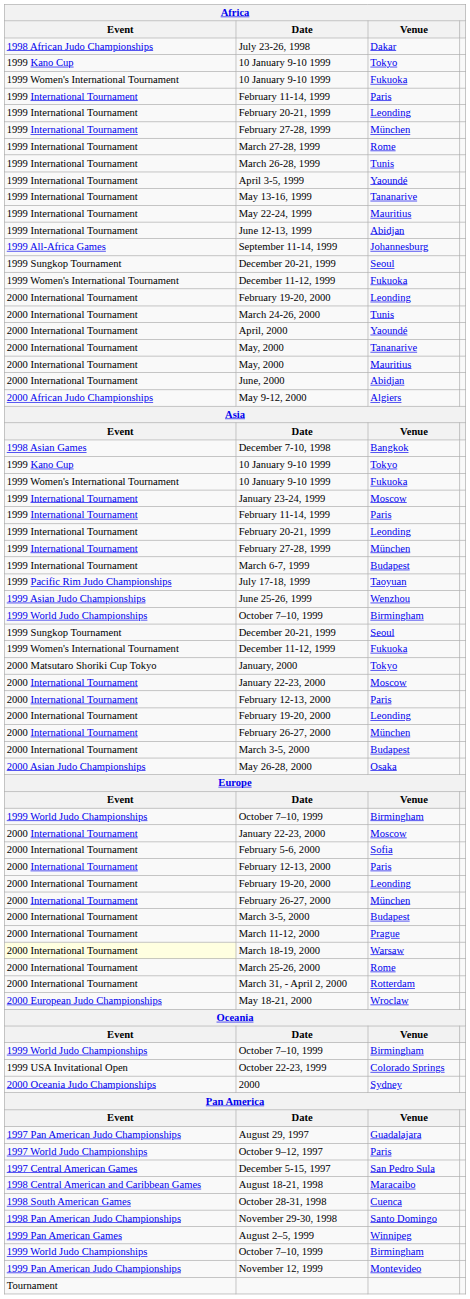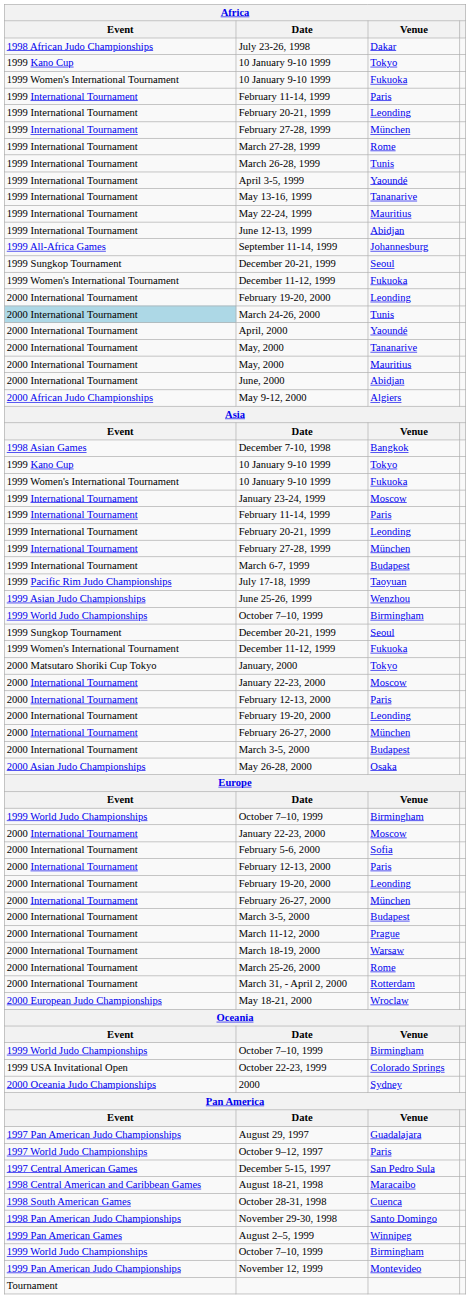 <table class="wikitable sortable" width="700">
 <tr>
 <th colspan="4"><a href='#'>Africa</a></th>
 </tr>
 <tr>
 <th>Event</th>
 <th>Date</th>
 <th>Venue</th>
 <th></th>
 </tr>
 <tr>
 <td><a href='#'>1998 African Judo Championships</a></td>
 <td>July 23-26, 1998</td>
 <td> <a href='#'>Dakar</a></td>
 <td></td>
 </tr>
 <tr>
 <td>1999 <a href='#'>Kano Cup</a></td>
 <td>10 January 9-10 1999</td>
 <td> <a href='#'>Tokyo</a></td>
 <td></td>
 </tr>
 <tr>
 <td>1999 Women's International Tournament</td>
 <td>10 January 9-10 1999</td>
 <td> <a href='#'>Fukuoka</a></td>
 <td></td>
 </tr>
 <tr>
 <td>1999 <a href='#'>International Tournament</a></td>
 <td>February 11-14, 1999</td>
 <td> <a href='#'>Paris</a></td>
 <td></td>
 </tr>
 <tr>
 <td>1999 International Tournament</td>
 <td>February 20-21, 1999</td>
 <td> <a href='#'>Leonding</a></td>
 <td></td>
 </tr>
 <tr>
 <td>1999 <a href='#'>International Tournament</a></td>
 <td>February 27-28, 1999</td>
 <td> <a href='#'>München</a></td>
 <td></td>
 </tr>
 <tr>
 <td>1999 International Tournament</td>
 <td>March  27-28, 1999</td>
 <td> <a href='#'>Rome</a></td>
 <td></td>
 </tr>
 <tr>
 <td>1999 International Tournament</td>
 <td>March  26-28, 1999</td>
 <td> <a href='#'>Tunis</a></td>
 <td></td>
 </tr>
 <tr>
 <td>1999 International Tournament</td>
 <td>April 3-5, 1999</td>
 <td> <a href='#'>Yaoundé</a></td>
 <td></td>
 </tr>
 <tr>
 <td>1999 International Tournament</td>
 <td>May 13-16, 1999</td>
 <td> <a href='#'>Tananarive</a></td>
 <td></td>
 </tr>
 <tr>
 <td>1999 International Tournament</td>
 <td>May  22-24, 1999</td>
 <td> <a href='#'>Mauritius</a></td>
 <td></td>
 </tr>
 <tr>
 <td>1999 International Tournament</td>
 <td>June 12-13, 1999</td>
 <td> <a href='#'>Abidjan</a></td>
 <td></td>
 </tr>
 <tr>
 <td><a href='#'>1999 All-Africa Games</a></td>
 <td>September 11-14, 1999</td>
 <td> <a href='#'>Johannesburg</a></td>
 <td></td>
 </tr>
 <tr>
 <td>1999 Sungkop Tournament</td>
 <td>December 20-21, 1999</td>
 <td> <a href='#'>Seoul</a></td>
 <td></td>
 </tr>
 <tr>
 <td>1999 Women's International Tournament</td>
 <td>December 11-12, 1999</td>
 <td> <a href='#'>Fukuoka</a></td>
 <td></td>
 </tr>
 <tr>
 <td>2000 International Tournament</td>
 <td>February 19-20, 2000</td>
 <td> <a href='#'>Leonding</a></td>
 <td></td>
 </tr>
 <tr>
-<td>2000 International Tournament</td>
+<td style="background: lightblue;">2000 International Tournament</td>
 <td>March 24-26, 2000</td>
 <td> <a href='#'>Tunis</a></td>
 <td></td>
 </tr>
 <tr>
 <td>2000 International Tournament</td>
 <td>April, 2000</td>
 <td> <a href='#'>Yaoundé</a></td>
 <td></td>
 </tr>
 <tr>
 <td>2000 International Tournament</td>
 <td>May, 2000</td>
 <td> <a href='#'>Tananarive</a></td>
 <td></td>
 </tr>
 <tr>
 <td>2000 International Tournament</td>
 <td>May, 2000</td>
 <td> <a href='#'>Mauritius</a></td>
 <td></td>
 </tr>
 <tr>
 <td>2000 International Tournament</td>
 <td>June, 2000</td>
 <td> <a href='#'>Abidjan</a></td>
 <td></td>
 </tr>
 <tr>
 <td><a href='#'>2000 African Judo Championships</a></td>
 <td>May 9-12, 2000</td>
 <td> <a href='#'>Algiers</a></td>
 <td></td>
 </tr>
 <tr>
 <th colspan="4"><a href='#'>Asia</a></th>
 </tr>
 <tr>
 <th>Event</th>
 <th>Date</th>
 <th>Venue</th>
 <th></th>
 </tr>
 <tr>
 <td><a href='#'>1998 Asian Games</a></td>
 <td>December 7-10, 1998</td>
 <td> <a href='#'>Bangkok</a></td>
 <td></td>
 </tr>
 <tr>
 <td>1999 <a href='#'>Kano Cup</a></td>
 <td>10 January 9-10 1999</td>
 <td> <a href='#'>Tokyo</a></td>
 <td></td>
 </tr>
 <tr>
 <td>1999 Women's International Tournament</td>
 <td>10 January 9-10 1999</td>
 <td> <a href='#'>Fukuoka</a></td>
 <td></td>
 </tr>
 <tr>
 <td>1999 <a href='#'>International Tournament</a></td>
 <td>January 23-24, 1999</td>
 <td> <a href='#'>Moscow</a></td>
 <td></td>
 </tr>
 <tr>
 <td>1999 <a href='#'>International Tournament</a></td>
 <td>February 11-14, 1999</td>
 <td> <a href='#'>Paris</a></td>
 <td></td>
 </tr>
 <tr>
 <td>1999 International Tournament</td>
 <td>February 20-21, 1999</td>
 <td> <a href='#'>Leonding</a></td>
 <td></td>
 </tr>
 <tr>
 <td>1999 <a href='#'>International Tournament</a></td>
 <td>February 27-28, 1999</td>
 <td> <a href='#'>München</a></td>
 <td></td>
 </tr>
 <tr>
 <td>1999 International Tournament</td>
 <td>March 6-7, 1999</td>
 <td> <a href='#'>Budapest</a></td>
 <td></td>
 </tr>
 <tr>
 <td>1999 <a href='#'>Pacific Rim Judo Championships</a></td>
 <td>July 17-18, 1999</td>
 <td> <a href='#'>Taoyuan</a></td>
 <td></td>
 </tr>
 <tr>
 <td><a href='#'>1999 Asian Judo Championships</a></td>
 <td>June 25-26, 1999</td>
 <td> <a href='#'>Wenzhou</a></td>
 <td></td>
 </tr>
 <tr>
 <td><a href='#'>1999 World Judo Championships</a></td>
 <td>October 7–10, 1999</td>
 <td> <a href='#'>Birmingham</a></td>
 <td></td>
 </tr>
 <tr>
 <td>1999 Sungkop Tournament</td>
 <td>December 20-21, 1999</td>
 <td> <a href='#'>Seoul</a></td>
 <td></td>
 </tr>
 <tr>
 <td>1999 Women's International Tournament</td>
 <td>December 11-12, 1999</td>
 <td> <a href='#'>Fukuoka</a></td>
 <td></td>
 </tr>
 <tr>
 <td>2000 Matsutaro Shoriki Cup Tokyo</td>
 <td>January, 2000</td>
 <td> <a href='#'>Tokyo</a></td>
 <td></td>
 </tr>
 <tr>
 <td>2000 <a href='#'>International Tournament</a></td>
 <td>January 22-23, 2000</td>
 <td> <a href='#'>Moscow</a></td>
 <td></td>
 </tr>
 <tr>
 <td>2000 <a href='#'>International Tournament</a></td>
 <td>February 12-13, 2000</td>
 <td> <a href='#'>Paris</a></td>
 <td></td>
 </tr>
 <tr>
 <td>2000 International Tournament</td>
 <td>February 19-20, 2000</td>
 <td> <a href='#'>Leonding</a></td>
 <td></td>
 </tr>
 <tr>
 <td>2000 <a href='#'>International Tournament</a></td>
 <td>February 26-27, 2000</td>
 <td> <a href='#'>München</a></td>
 <td></td>
 </tr>
 <tr>
 <td>2000 International Tournament</td>
 <td>March 3-5, 2000</td>
 <td> <a href='#'>Budapest</a></td>
 <td></td>
 </tr>
 <tr>
 <td><a href='#'>2000 Asian Judo Championships</a></td>
 <td>May 26-28, 2000</td>
 <td> <a href='#'>Osaka</a></td>
 <td></td>
 </tr>
 <tr>
 <th colspan="4"><a href='#'>Europe</a></th>
 </tr>
 <tr>
 <th>Event</th>
 <th>Date</th>
 <th>Venue</th>
 <th></th>
 </tr>
 <tr>
 <td><a href='#'>1999 World Judo Championships</a></td>
 <td>October 7–10, 1999</td>
 <td> <a href='#'>Birmingham</a></td>
 <td></td>
 </tr>
 <tr>
 <td>2000 <a href='#'>International Tournament</a></td>
 <td>January 22-23, 2000</td>
 <td> <a href='#'>Moscow</a></td>
 <td></td>
 </tr>
 <tr>
 <td>2000 International Tournament</td>
 <td>February 5-6, 2000</td>
 <td> <a href='#'>Sofia</a></td>
 <td></td>
 </tr>
 <tr>
 <td>2000 <a href='#'>International Tournament</a></td>
 <td>February 12-13, 2000</td>
 <td> <a href='#'>Paris</a></td>
 <td></td>
 </tr>
 <tr>
 <td>2000 International Tournament</td>
 <td>February 19-20, 2000</td>
 <td> <a href='#'>Leonding</a></td>
 <td></td>
 </tr>
 <tr>
 <td>2000 <a href='#'>International Tournament</a></td>
 <td>February 26-27, 2000</td>
 <td> <a href='#'>München</a></td>
 <td></td>
 </tr>
 <tr>
 <td>2000 International Tournament</td>
 <td>March 3-5, 2000</td>
 <td> <a href='#'>Budapest</a></td>
 <td></td>
 </tr>
 <tr>
 <td>2000 International Tournament</td>
 <td>March 11-12, 2000</td>
 <td> <a href='#'>Prague</a></td>
 <td></td>
 </tr>
 <tr>
-<td style="background: lightyellow;">2000 International Tournament</td>
+<td>2000 International Tournament</td>
 <td>March 18-19, 2000</td>
 <td> <a href='#'>Warsaw</a></td>
 <td></td>
 </tr>
 <tr>
 <td>2000 International Tournament</td>
 <td>March 25-26, 2000</td>
 <td> <a href='#'>Rome</a></td>
 <td></td>
 </tr>
 <tr>
 <td>2000 International Tournament</td>
 <td>March 31, - April 2, 2000</td>
 <td> <a href='#'>Rotterdam</a></td>
 <td></td>
 </tr>
 <tr>
 <td><a href='#'>2000 European Judo Championships</a></td>
 <td>May 18-21, 2000</td>
 <td> <a href='#'>Wroclaw</a></td>
 <td></td>
 </tr>
 <tr>
 <th colspan="4"><a href='#'>Oceania</a></th>
 </tr>
 <tr>
 <th>Event</th>
 <th>Date</th>
 <th>Venue</th>
 <th></th>
 </tr>
 <tr>
 <td><a href='#'>1999 World Judo Championships</a></td>
 <td>October 7–10, 1999</td>
 <td> <a href='#'>Birmingham</a></td>
 <td></td>
 </tr>
 <tr>
 <td>1999 USA Invitational Open</td>
 <td>October 22-23, 1999</td>
 <td> <a href='#'>Colorado Springs</a></td>
 <td></td>
 </tr>
 <tr>
 <td><a href='#'>2000 Oceania Judo Championships</a></td>
 <td>2000</td>
 <td> <a href='#'>Sydney</a></td>
 <td></td>
 </tr>
 <tr>
 <th colspan="4"><a href='#'>Pan America</a></th>
 </tr>
 <tr>
 <th>Event</th>
 <th>Date</th>
 <th>Venue</th>
 <th></th>
 </tr>
 <tr>
 <td><a href='#'>1997 Pan American Judo Championships</a></td>
 <td>August 29, 1997</td>
 <td> <a href='#'>Guadalajara</a></td>
 <td></td>
 </tr>
 <tr>
 <td><a href='#'>1997 World Judo Championships</a></td>
 <td>October 9–12, 1997</td>
 <td> <a href='#'>Paris</a></td>
 <td></td>
 </tr>
 <tr>
 <td><a href='#'>1997 Central American Games</a></td>
 <td>December 5-15, 1997</td>
 <td> <a href='#'>San Pedro Sula</a></td>
 <td></td>
 </tr>
 <tr>
 <td><a href='#'>1998 Central American and Caribbean Games</a></td>
 <td>August 18-21, 1998</td>
 <td><a href='#'>Maracaibo</a></td>
 <td></td>
 </tr>
 <tr>
 <td><a href='#'>1998 South American Games</a></td>
 <td>October 28-31, 1998</td>
 <td> <a href='#'>Cuenca</a></td>
 <td></td>
 </tr>
 <tr>
 <td><a href='#'>1998 Pan American Judo Championships</a></td>
 <td>November 29-30, 1998</td>
 <td> <a href='#'>Santo Domingo</a></td>
 <td></td>
 </tr>
 <tr>
 <td><a href='#'>1999 Pan American Games</a></td>
 <td>August 2–5, 1999</td>
 <td> <a href='#'>Winnipeg</a></td>
 <td></td>
 </tr>
 <tr>
 <td><a href='#'>1999 World Judo Championships</a></td>
 <td>October 7–10, 1999</td>
 <td> <a href='#'>Birmingham</a></td>
 <td></td>
 </tr>
 <tr>
 <td><a href='#'>1999 Pan American Judo Championships</a></td>
 <td>November 12, 1999</td>
 <td> <a href='#'>Montevideo</a></td>
 <td></td>
 </tr>
 <tr>
 <td>Tournament</td>
 <td></td>
 <td></td>
 <td></td>
 </tr>
 </table>
